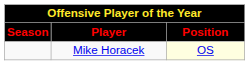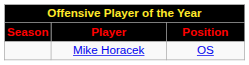 <table class="wikitable sortable" style="text-align:center">
 <tr>
 <td colspan="4" style="background:black; color:#FFE92B;"><strong>Offensive Player of the Year</strong></td>
 </tr>
 <tr>
 <th style="width:50px; background:black; color:red;">Season</th>
 <th style="width:150px; background:black; color:red;">Player</th>
 <th style="width:100px; background:black; color:red;">Position</th>
 </tr>
 <tr>
 <td></td>
 <td><a href='#'>Mike Horacek</a></td>
-<td style="background: lightyellow;"><a href='#'>OS</a></td>
+<td><a href='#'>OS</a></td>
 </tr>
 </table>
